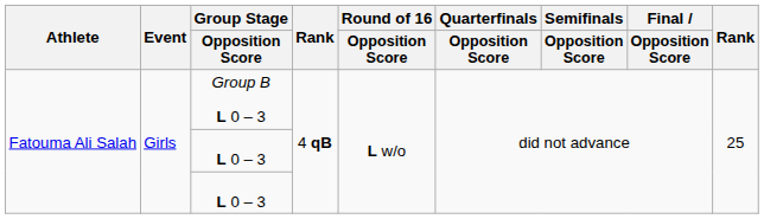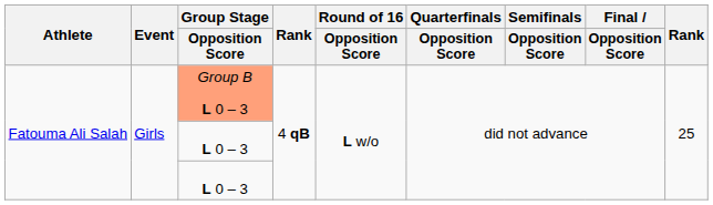 <table class=wikitable style="font-size:90%">
 <tr>
 <th rowspan="2">Athlete</th>
 <th rowspan="2">Event</th>
 <th>Group Stage</th>
 <th rowspan="2">Rank</th>
 <th>Round of 16</th>
 <th>Quarterfinals</th>
 <th>Semifinals</th>
 <th>Final / </th>
 <th rowspan=2>Rank</th>
 </tr>
 <tr style="font-size:95%">
 <th>Opposition<br>Score</th>
 <th>Opposition<br>Score</th>
 <th>Opposition<br>Score</th>
 <th>Opposition<br>Score</th>
 <th>Opposition<br>Score</th>
 </tr>
 <tr align=center>
 <td align=left rowspan=3><a href='#'>Fatouma Ali Salah</a></td>
 <td align=left rowspan=3><a href='#'>Girls</a></td>
-<td><em>Group B</em><br><br><strong>L</strong> 0 – 3</td>
+<td style="background: lightsalmon;"><em>Group B</em><br><br><strong>L</strong> 0 – 3</td>
 <td rowspan=3>4 <strong>qB</strong></td>
 <td rowspan=3><br><strong>L</strong> w/o</td>
 <td rowspan=3 colspan=3>did not advance</td>
 <td rowspan=3>25</td>
 </tr>
 <tr align=center>
 <td><br><strong>L</strong> 0 – 3</td>
 </tr>
 <tr align=center>
 <td><br><strong>L</strong> 0 – 3</td>
 </tr>
 </table>
